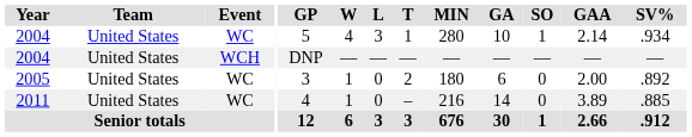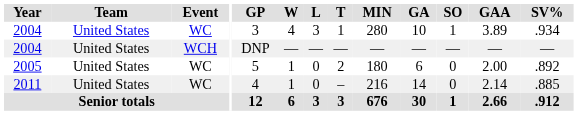 <table border="0" cellpadding="1" cellspacing="0" ID="Table3" style="text-align:center; width:40em">
 <tr ALIGN="center" bgcolor="#e0e0e0">
 <th>Year</th>
 <th>Team</th>
 <th>Event</th>
 <th rowspan="99" bgcolor="#ffffff"></th>
 <th>GP</th>
 <th>W</th>
 <th>L</th>
 <th>T</th>
 <th>MIN</th>
 <th>GA</th>
 <th>SO</th>
 <th>GAA</th>
 <th>SV%</th>
 </tr>
 <tr>
 <td><a href='#'>2004</a></td>
 <td><a href='#'>United States</a></td>
 <td><a href='#'>WC</a></td>
-<td>5</td>
+<td>3</td>
 <td>4</td>
 <td>3</td>
 <td>1</td>
 <td>280</td>
 <td>10</td>
 <td>1</td>
-<td>2.14</td>
+<td>3.89</td>
 <td>.934</td>
 </tr>
 <tr bgcolor="#f0f0f0">
 <td><a href='#'>2004</a></td>
 <td>United States</td>
 <td><a href='#'>WCH</a></td>
 <td>DNP</td>
 <td>—</td>
 <td>—</td>
 <td>—</td>
 <td>—</td>
 <td>—</td>
 <td>—</td>
 <td>—</td>
 <td>—</td>
 </tr>
 <tr>
 <td><a href='#'>2005</a></td>
 <td>United States</td>
 <td>WC</td>
-<td>3</td>
+<td>5</td>
 <td>1</td>
 <td>0</td>
 <td>2</td>
 <td>180</td>
 <td>6</td>
 <td>0</td>
 <td>2.00</td>
 <td>.892</td>
 </tr>
 <tr bgcolor="#f0f0f0">
 <td><a href='#'>2011</a></td>
 <td>United States</td>
 <td>WC</td>
 <td>4</td>
 <td>1</td>
 <td>0</td>
 <td>–</td>
 <td>216</td>
 <td>14</td>
 <td>0</td>
-<td>3.89</td>
+<td>2.14</td>
 <td>.885</td>
 </tr>
 <tr bgcolor="#e0e0e0">
 <th colspan=3>Senior totals</th>
 <th>12</th>
 <th>6</th>
 <th>3</th>
 <th>3</th>
 <th>676</th>
 <th>30</th>
 <th>1</th>
 <th>2.66</th>
 <th>.912</th>
 </tr>
 </table>
